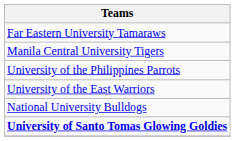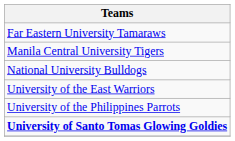 <table class="wikitable">
 <tr>
 <th>Teams</th>
 </tr>
 <tr>
 <td><a href='#'>Far Eastern University Tamaraws</a></td>
 </tr>
 <tr>
 <td><a href='#'>Manila Central University Tigers</a></td>
 </tr>
 <tr>
-<td><a href='#'>University of the Philippines Parrots</a></td>
+<td><a href='#'>National University Bulldogs</a></td>
 </tr>
 <tr>
 <td><a href='#'>University of the East Warriors</a></td>
 </tr>
 <tr>
-<td><a href='#'>National University Bulldogs</a></td>
+<td><a href='#'>University of the Philippines Parrots</a></td>
 </tr>
 <tr>
 <td><strong><a href='#'>University of Santo Tomas Glowing Goldies</a></strong></td>
 </tr>
 <tr>
 </tr>
 </table>
